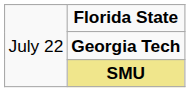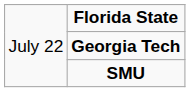 <table class="wikitable" style="text-align: center;">
 <tr>
 <td rowspan="3">July 22</td>
 <td><strong>Florida State</strong></td>
 </tr>
 <tr>
 <td><strong>Georgia Tech</strong></td>
 </tr>
 <tr>
-<td style="background: khaki;"><strong>SMU</strong></td>
+<td><strong>SMU</strong></td>
 </tr>
 </table>
